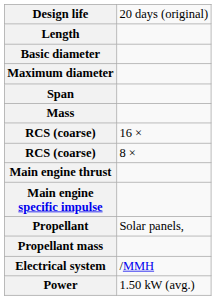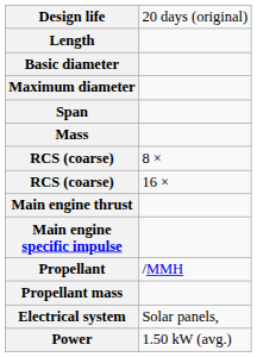 <table class="wikitable">
 <tr>
 <th>Design life</th>
 <td>20 days (original)</td>
 </tr>
 <tr>
 <th>Length</th>
 <td></td>
 </tr>
 <tr>
 <th>Basic diameter</th>
 <td></td>
 </tr>
 <tr>
 <th>Maximum diameter</th>
 <td></td>
 </tr>
 <tr>
 <th>Span</th>
 <td></td>
 </tr>
 <tr>
 <th>Mass</th>
 <td></td>
 </tr>
 <tr>
 <th>RCS (coarse)</th>
-<td>16 × </td>
+<td>8 × </td>
 </tr>
 <tr>
 <th>RCS (coarse)</th>
-<td>8 × </td>
+<td>16 × </td>
 </tr>
 <tr>
 <th>Main engine thrust</th>
 <td></td>
 </tr>
 <tr>
 <th>Main engine<br><a href='#'>specific impulse</a></th>
 <td></td>
 </tr>
 <tr>
 <th>Propellant</th>
-<td>Solar panels, </td>
+<td>/<a href='#'>MMH</a></td>
 </tr>
 <tr>
 <th>Propellant mass</th>
 <td></td>
 </tr>
 <tr>
 <th>Electrical system</th>
-<td>/<a href='#'>MMH</a></td>
+<td>Solar panels, </td>
 </tr>
 <tr>
 <th>Power</th>
 <td>1.50 kW (avg.)</td>
 </tr>
 </table>
